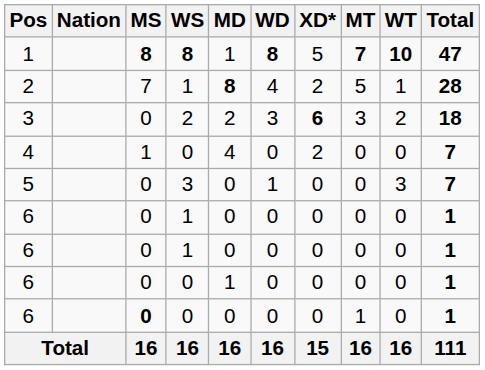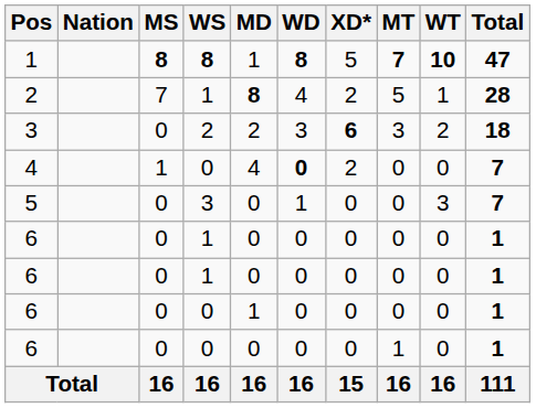 <table class="wikitable" style="text-align:center">
 <tr>
 <th>Pos</th>
 <th>Nation</th>
 <th>MS</th>
 <th>WS</th>
 <th>MD</th>
 <th>WD</th>
 <th>XD*</th>
 <th>MT</th>
 <th>WT</th>
 <th>Total</th>
 </tr>
 <tr>
 <td>1</td>
 <td align="left"></td>
 <td><strong>8</strong></td>
 <td><strong>8</strong></td>
 <td>1</td>
 <td><strong>8</strong></td>
 <td>5</td>
 <td><strong>7</strong></td>
 <td><strong>10</strong></td>
 <td><strong>47</strong></td>
 </tr>
 <tr>
 <td>2</td>
 <td align="left"></td>
 <td>7</td>
 <td>1</td>
 <td><strong>8</strong></td>
 <td>4</td>
 <td>2</td>
 <td>5</td>
 <td>1</td>
 <td><strong>28</strong></td>
 </tr>
 <tr>
 <td>3</td>
 <td align="left"></td>
 <td>0</td>
 <td>2</td>
 <td>2</td>
 <td>3</td>
 <td><strong>6</strong></td>
 <td>3</td>
 <td>2</td>
 <td><strong>18</strong></td>
 </tr>
 <tr>
 <td>4</td>
 <td align="left"></td>
 <td>1</td>
 <td>0</td>
 <td>4</td>
-<td>0</td>
+<td><strong>0</strong></td>
 <td>2</td>
 <td>0</td>
 <td>0</td>
 <td><strong>7</strong></td>
 </tr>
 <tr>
 <td>5</td>
 <td align="left"></td>
 <td>0</td>
 <td>3</td>
 <td>0</td>
 <td>1</td>
 <td>0</td>
 <td>0</td>
 <td>3</td>
 <td><strong>7</strong></td>
 </tr>
 <tr>
 <td>6</td>
 <td align="left"></td>
 <td>0</td>
 <td>1</td>
 <td>0</td>
 <td>0</td>
 <td>0</td>
 <td>0</td>
 <td>0</td>
 <td><strong>1</strong></td>
 </tr>
 <tr>
 <td>6</td>
 <td align="left"></td>
 <td>0</td>
 <td>1</td>
 <td>0</td>
 <td>0</td>
 <td>0</td>
 <td>0</td>
 <td>0</td>
 <td><strong>1</strong></td>
 </tr>
 <tr>
 <td>6</td>
 <td align="left"></td>
 <td>0</td>
 <td>0</td>
 <td>1</td>
 <td>0</td>
 <td>0</td>
 <td>0</td>
 <td>0</td>
 <td><strong>1</strong></td>
 </tr>
 <tr>
 <td>6</td>
 <td align="left"></td>
-<td><strong>0</strong></td>
+<td>0</td>
 <td>0</td>
 <td>0</td>
 <td>0</td>
 <td>0</td>
 <td>1</td>
 <td>0</td>
 <td><strong>1</strong></td>
 </tr>
 <tr>
 <th colspan="2">Total</th>
 <th>16</th>
 <th>16</th>
 <th>16</th>
 <th>16</th>
 <th>15</th>
 <th>16</th>
 <th>16</th>
 <th>111</th>
 </tr>
 </table>
